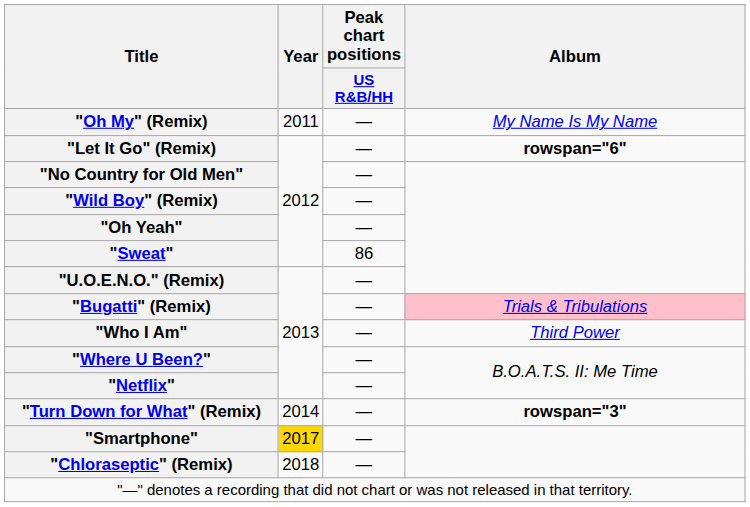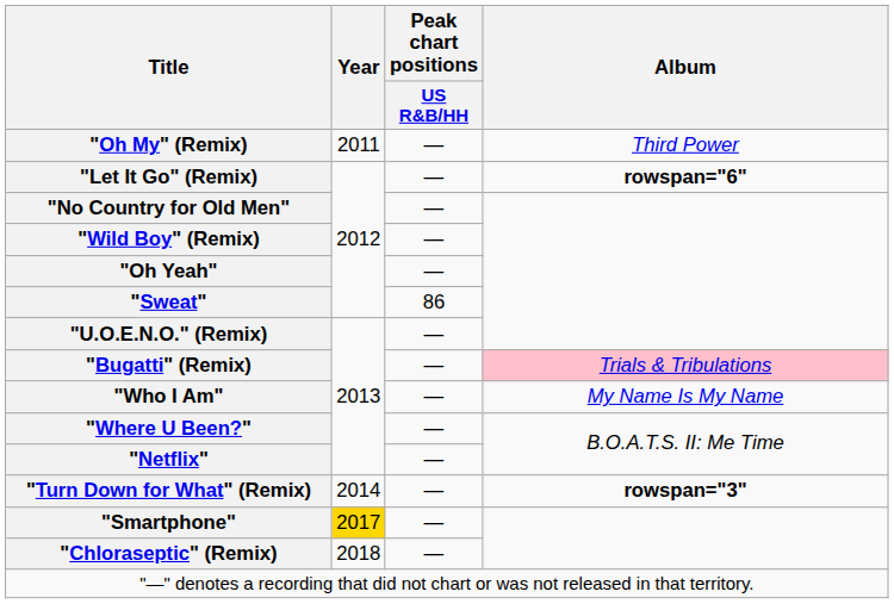 <table class="wikitable plainrowheaders" style="text-align:center;">
 <tr>
 <th scope="col" rowspan="2" style="width:16em;">Title</th>
 <th scope="col" rowspan="2" style="width:1em;">Year</th>
 <th scope="col" colspan="1">Peak chart positions</th>
 <th scope="col" rowspan="2" style="width:20em;">Album</th>
 </tr>
 <tr>
 <th scope="col" style="width:2.9em;font-size:90%;"><a href='#'>US<br>R&B/HH</a><br></th>
 </tr>
 <tr>
 <th scope="row">"<a href='#'>Oh My</a>" (Remix)<br></th>
 <td>2011</td>
 <td>—</td>
-<td><em><a href='#'>My Name Is My Name</a></em></td>
+<td><em><a href='#'>Third Power</a></em></td>
 </tr>
 <tr>
 <th scope="row">"Let It Go" (Remix)<br></th>
 <td rowspan="5">2012</td>
 <td>—</td>
 <td><strong>rowspan="6" </strong></td>
 </tr>
 <tr>
 <th scope="row">"No Country for Old Men"<br></th>
 <td>—</td>
 </tr>
 <tr>
 <th scope="row">"<a href='#'>Wild Boy</a>" (Remix)<br></th>
 <td>—</td>
 </tr>
 <tr>
 <th scope="row">"Oh Yeah"<br></th>
 <td>—</td>
 </tr>
 <tr>
 <th scope="row">"<a href='#'>Sweat</a>"<br></th>
 <td>86</td>
 </tr>
 <tr>
 <th scope="row">"U.O.E.N.O." (Remix)<br></th>
 <td rowspan="5">2013</td>
 <td>—</td>
 </tr>
 <tr>
 <th scope="row">"<a href='#'>Bugatti</a>" (Remix)<br></th>
 <td>—</td>
 <td style="background: pink;"><em><a href='#'>Trials & Tribulations</a></em></td>
 </tr>
 <tr>
 <th scope="row">"Who I Am"<br></th>
 <td>—</td>
-<td><em><a href='#'>Third Power</a></em></td>
+<td><em><a href='#'>My Name Is My Name</a></em></td>
 </tr>
 <tr>
 <th scope="row">"<a href='#'>Where U Been?</a>"<br></th>
 <td>—</td>
 <td rowspan="2"><em>B.O.A.T.S. II: Me Time</em></td>
 </tr>
 <tr>
 <th scope="row">"<a href='#'>Netflix</a>"<br></th>
 <td>—</td>
 </tr>
 <tr>
 <th scope="row">"<a href='#'>Turn Down for What</a>" (Remix)<br></th>
 <td>2014</td>
 <td>—</td>
 <td><strong>rowspan="3" </strong></td>
 </tr>
 <tr>
 <th scope="row">"Smartphone"</th>
 <td style="background: gold;">2017</td>
 <td>—</td>
 </tr>
 <tr>
 <th scope="row">"<a href='#'>Chloraseptic</a>" (Remix)<br></th>
 <td>2018</td>
 <td>—</td>
 </tr>
 <tr>
 <td colspan="6" style="font-size:90%">"—" denotes a recording that did not chart or was not released in that territory.</td>
 </tr>
 </table>
